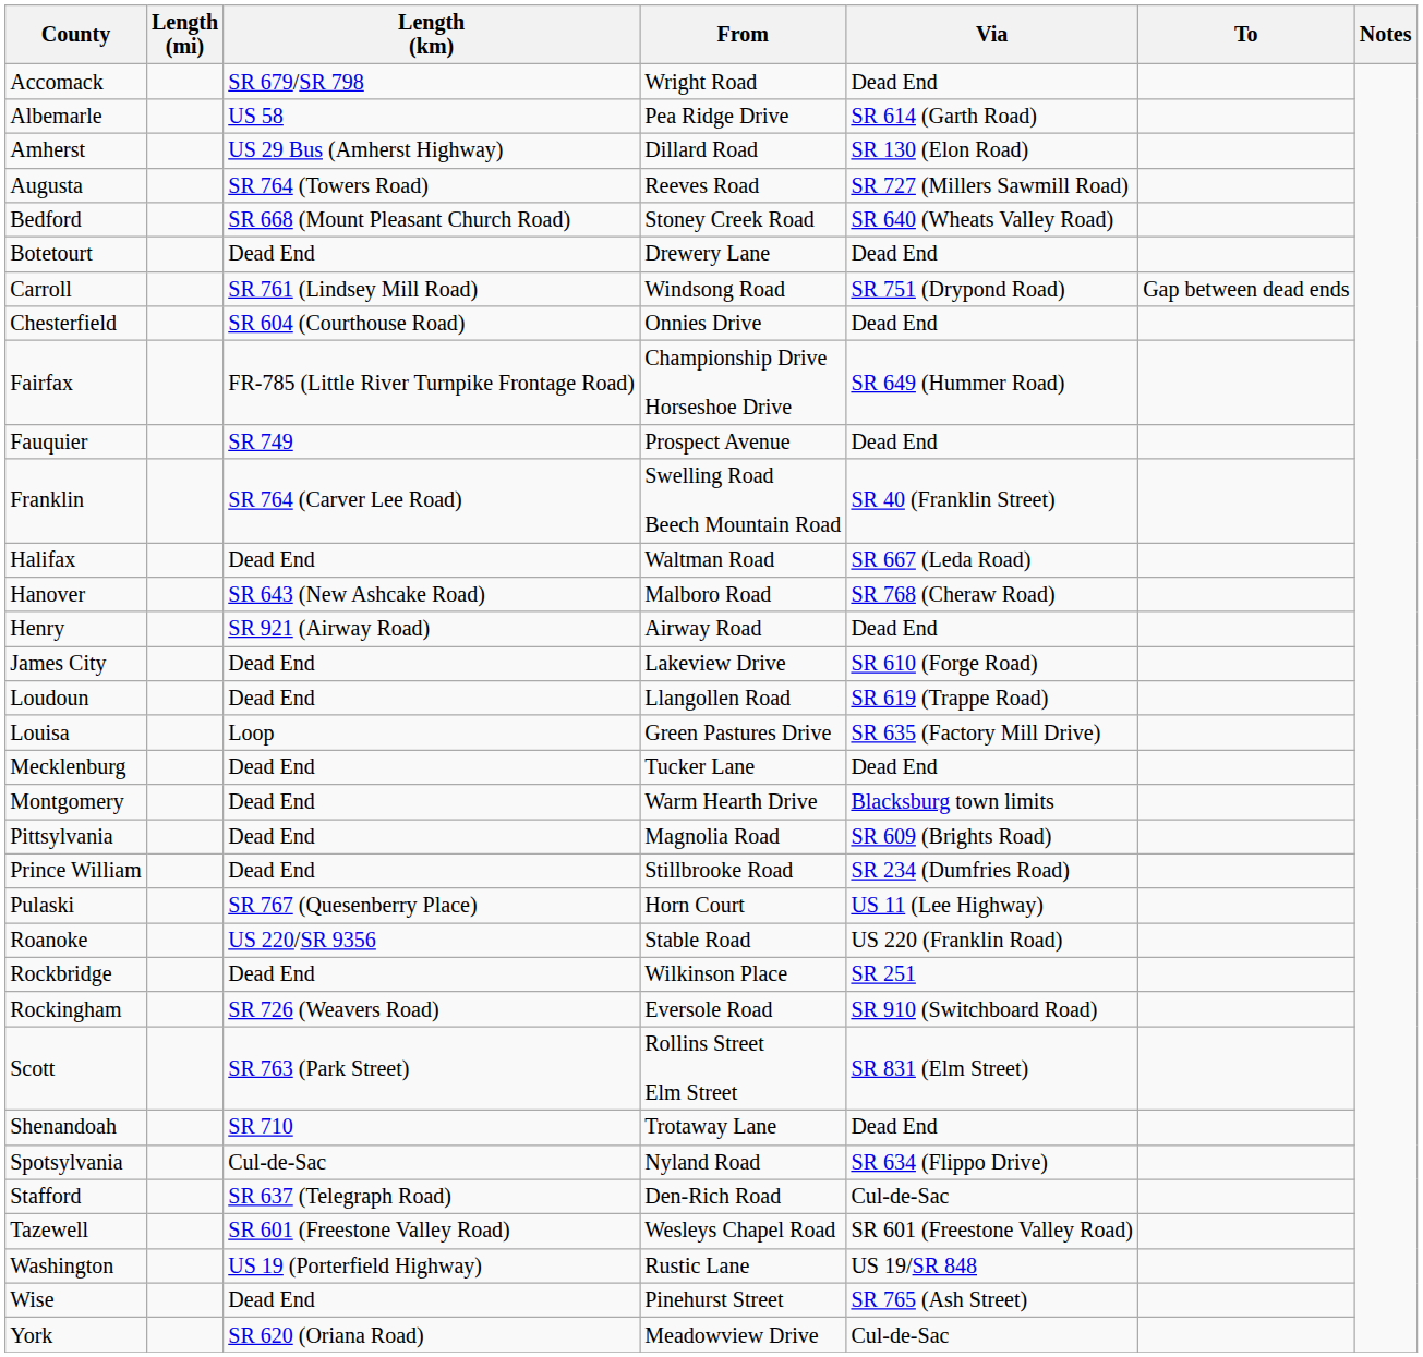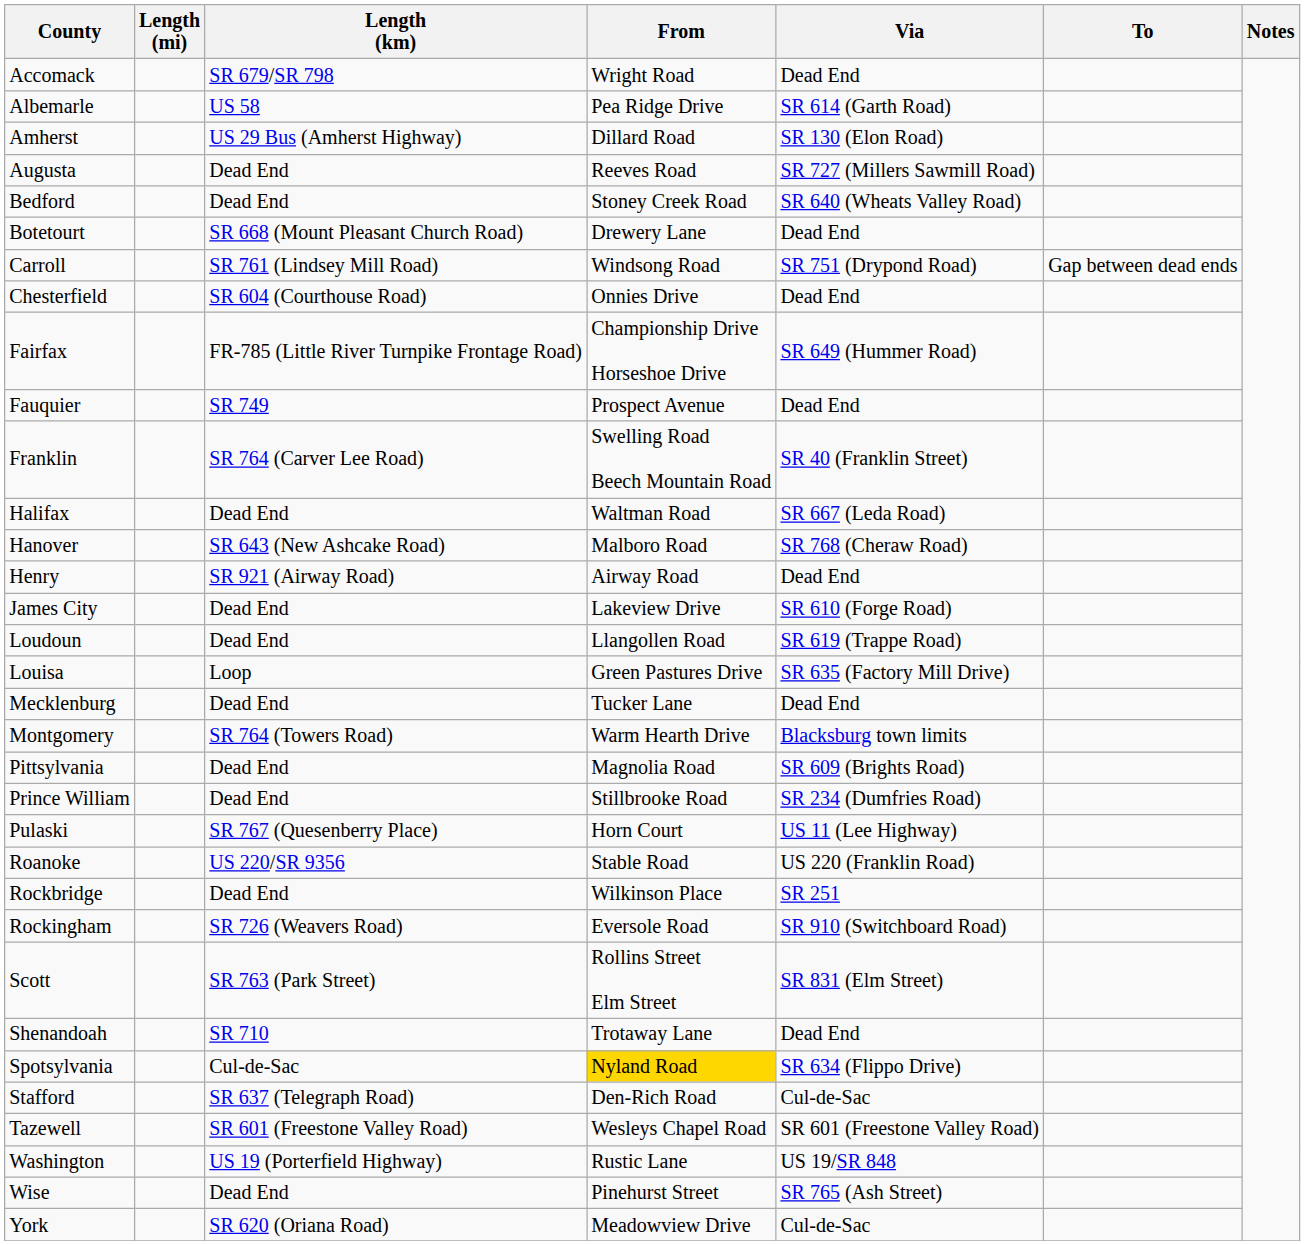 <table class="wikitable sortable">
 <tr>
 <th>County</th>
 <th>Length<br>(mi)</th>
 <th>Length<br>(km)</th>
 <th class="unsortable">From</th>
 <th class="unsortable">Via</th>
 <th class="unsortable">To</th>
 <th class="unsortable">Notes</th>
 </tr>
 <tr>
 <td id="Accomack">Accomack</td>
 <td></td>
 <td><a href='#'>SR 679</a>/<a href='#'>SR 798</a></td>
 <td>Wright Road</td>
 <td>Dead End</td>
 <td></td>
 </tr>
 <tr>
 <td id="Albemarle">Albemarle</td>
 <td></td>
 <td><a href='#'>US 58</a></td>
 <td>Pea Ridge Drive</td>
 <td><a href='#'>SR 614</a> (Garth Road)</td>
 <td><br> </td>
 </tr>
 <tr>
 <td id="Amherst">Amherst</td>
 <td></td>
 <td><a href='#'>US 29 Bus</a> (Amherst Highway)</td>
 <td>Dillard Road</td>
 <td><a href='#'>SR 130</a> (Elon Road)</td>
 <td><br> </td>
 </tr>
 <tr>
 <td id="Augusta">Augusta</td>
 <td></td>
-<td><a href='#'>SR 764</a> (Towers Road)</td>
+<td>Dead End</td>
 <td>Reeves Road</td>
 <td><a href='#'>SR 727</a> (Millers Sawmill Road)</td>
 <td><br></td>
 </tr>
 <tr>
 <td id="Bedford">Bedford</td>
 <td></td>
-<td><a href='#'>SR 668</a> (Mount Pleasant Church Road)</td>
+<td>Dead End</td>
 <td>Stoney Creek Road</td>
 <td><a href='#'>SR 640</a> (Wheats Valley Road)</td>
 <td><br></td>
 </tr>
 <tr>
 <td id="Botetourt">Botetourt</td>
 <td></td>
-<td>Dead End</td>
+<td><a href='#'>SR 668</a> (Mount Pleasant Church Road)</td>
 <td>Drewery Lane</td>
 <td>Dead End</td>
 <td><br>    </td>
 </tr>
 <tr>
 <td id="Carroll">Carroll</td>
 <td></td>
 <td><a href='#'>SR 761</a> (Lindsey Mill Road)</td>
 <td>Windsong Road</td>
 <td><a href='#'>SR 751</a> (Drypond Road)</td>
 <td>Gap between dead ends<br> </td>
 </tr>
 <tr>
 <td id="Chesterfield">Chesterfield</td>
 <td></td>
 <td><a href='#'>SR 604</a> (Courthouse Road)</td>
 <td>Onnies Drive</td>
 <td>Dead End</td>
 <td><br>      </td>
 </tr>
 <tr>
 <td id="Fairfax">Fairfax</td>
 <td></td>
 <td>FR-785 (Little River Turnpike Frontage Road)</td>
 <td>Championship Drive<br><br>Horseshoe Drive</td>
 <td><a href='#'>SR 649</a> (Hummer Road)</td>
 <td></td>
 </tr>
 <tr>
 <td id="Fauquier">Fauquier</td>
 <td></td>
 <td><a href='#'>SR 749</a></td>
 <td>Prospect Avenue</td>
 <td>Dead End</td>
 <td><br> </td>
 </tr>
 <tr>
 <td id="Franklin">Franklin</td>
 <td></td>
 <td><a href='#'>SR 764</a> (Carver Lee Road)</td>
 <td>Swelling Road<br><br>Beech Mountain Road</td>
 <td><a href='#'>SR 40</a> (Franklin Street)</td>
 <td><br>      </td>
 </tr>
 <tr>
 <td id="Halifax">Halifax</td>
 <td></td>
 <td>Dead End</td>
 <td>Waltman Road</td>
 <td><a href='#'>SR 667</a> (Leda Road)</td>
 <td></td>
 </tr>
 <tr>
 <td id="Hanover">Hanover</td>
 <td></td>
 <td><a href='#'>SR 643</a> (New Ashcake Road)</td>
 <td>Malboro Road</td>
 <td><a href='#'>SR 768</a> (Cheraw Road)</td>
 <td><br></td>
 </tr>
 <tr>
 <td id="Henry">Henry</td>
 <td></td>
 <td><a href='#'>SR 921</a> (Airway Road)</td>
 <td>Airway Road</td>
 <td>Dead End</td>
 <td><br> </td>
 </tr>
 <tr>
 <td id="James City">James City</td>
 <td></td>
 <td>Dead End</td>
 <td>Lakeview Drive</td>
 <td><a href='#'>SR 610</a> (Forge Road)</td>
 <td><br>    </td>
 </tr>
 <tr>
 <td id="Loudoun">Loudoun</td>
 <td></td>
 <td>Dead End</td>
 <td>Llangollen Road</td>
 <td><a href='#'>SR 619</a> (Trappe Road)</td>
 <td></td>
 </tr>
 <tr>
 <td id="Louisa">Louisa</td>
 <td></td>
 <td>Loop</td>
 <td>Green Pastures Drive</td>
 <td><a href='#'>SR 635</a> (Factory Mill Drive)</td>
 <td><br>  </td>
 </tr>
 <tr>
 <td id="Mecklenburg">Mecklenburg</td>
 <td></td>
 <td>Dead End</td>
 <td>Tucker Lane</td>
 <td>Dead End</td>
 <td><br></td>
 </tr>
 <tr>
 <td id="Montgomery">Montgomery</td>
 <td></td>
-<td>Dead End</td>
+<td><a href='#'>SR 764</a> (Towers Road)</td>
 <td>Warm Hearth Drive</td>
 <td><a href='#'>Blacksburg</a> town limits</td>
 <td><br>       </td>
 </tr>
 <tr>
 <td id="Pittsylvania">Pittsylvania</td>
 <td></td>
 <td>Dead End</td>
 <td>Magnolia Road</td>
 <td><a href='#'>SR 609</a> (Brights Road)</td>
 <td><br>  </td>
 </tr>
 <tr>
 <td id="Prince William">Prince William</td>
 <td></td>
 <td>Dead End</td>
 <td>Stillbrooke Road</td>
 <td><a href='#'>SR 234</a> (Dumfries Road)</td>
 <td></td>
 </tr>
 <tr>
 <td id="Pulaski">Pulaski</td>
 <td></td>
 <td><a href='#'>SR 767</a> (Quesenberry Place)</td>
 <td>Horn Court</td>
 <td><a href='#'>US 11</a> (Lee Highway)</td>
 <td><br> </td>
 </tr>
 <tr>
 <td id="Roanoke">Roanoke</td>
 <td></td>
 <td><a href='#'>US 220</a>/<a href='#'>SR 9356</a></td>
 <td>Stable Road</td>
 <td>US 220 (Franklin Road)</td>
 <td></td>
 </tr>
 <tr>
 <td id="Rockbridge">Rockbridge</td>
 <td></td>
 <td>Dead End</td>
 <td>Wilkinson Place</td>
 <td><a href='#'>SR 251</a></td>
 <td></td>
 </tr>
 <tr>
 <td id="Rockingham">Rockingham</td>
 <td></td>
 <td><a href='#'>SR 726</a> (Weavers Road)</td>
 <td>Eversole Road</td>
 <td><a href='#'>SR 910</a> (Switchboard Road)</td>
 <td><br></td>
 </tr>
 <tr>
 <td id="Scott">Scott</td>
 <td></td>
 <td><a href='#'>SR 763</a> (Park Street)</td>
 <td>Rollins Street<br><br>Elm Street</td>
 <td><a href='#'>SR 831</a> (Elm Street)</td>
 <td></td>
 </tr>
 <tr>
 <td id="Shenandoah">Shenandoah</td>
 <td></td>
 <td><a href='#'>SR 710</a></td>
 <td>Trotaway Lane</td>
 <td>Dead End</td>
 <td><br> </td>
 </tr>
 <tr>
 <td id="Spotsylvania">Spotsylvania</td>
 <td></td>
 <td>Cul-de-Sac</td>
-<td>Nyland Road</td>
+<td style="background: gold;">Nyland Road</td>
 <td><a href='#'>SR 634</a> (Flippo Drive)</td>
 <td></td>
 </tr>
 <tr>
 <td id="Stafford">Stafford</td>
 <td></td>
 <td><a href='#'>SR 637</a> (Telegraph Road)</td>
 <td>Den-Rich Road</td>
 <td>Cul-de-Sac</td>
 <td><br> </td>
 </tr>
 <tr>
 <td id="Tazewell">Tazewell</td>
 <td></td>
 <td><a href='#'>SR 601</a> (Freestone Valley Road)</td>
 <td>Wesleys Chapel Road</td>
 <td>SR 601 (Freestone Valley Road)</td>
 <td><br></td>
 </tr>
 <tr>
 <td id="Washington">Washington</td>
 <td></td>
 <td><a href='#'>US 19</a> (Porterfield Highway)</td>
 <td>Rustic Lane</td>
 <td>US 19/<a href='#'>SR 848</a></td>
 <td><br></td>
 </tr>
 <tr>
 <td id="Wise">Wise</td>
 <td></td>
 <td>Dead End</td>
 <td>Pinehurst Street</td>
 <td><a href='#'>SR 765</a> (Ash Street)</td>
 <td><br></td>
 </tr>
 <tr>
 <td id="York">York</td>
 <td></td>
 <td><a href='#'>SR 620</a> (Oriana Road)</td>
 <td>Meadowview Drive</td>
 <td>Cul-de-Sac</td>
 <td></td>
 </tr>
 </table>
